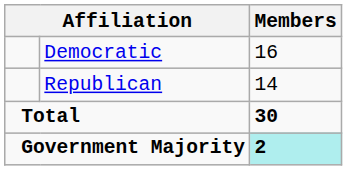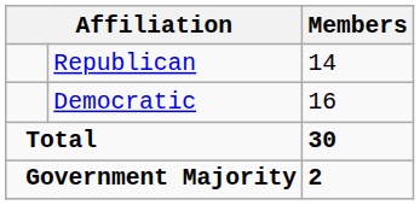 <table class="wikitable">
 <tr>
 <th colspan="2">Affiliation</th>
 <th>Members</th>
 </tr>
 <tr>
 <td style="background-color:"> </td>
-<td><a href='#'>Democratic</a></td>
-<td>16</td>
+<td><a href='#'>Republican</a></td>
+<td>14</td>
 </tr>
 <tr>
 <td style="background-color:"> </td>
-<td><a href='#'>Republican</a></td>
-<td>14</td>
+<td><a href='#'>Democratic</a></td>
+<td>16</td>
 </tr>
 <tr>
 <td colspan="2" rowspan="1"> <strong>Total</strong></td>
 <td><strong>30</strong></td>
 </tr>
 <tr>
 <td colspan="2" rowspan="1"> <strong>Government Majority</strong></td>
-<td style="background: paleturquoise;"><strong>2</strong></td>
+<td><strong>2</strong></td>
 </tr>
 </table>
